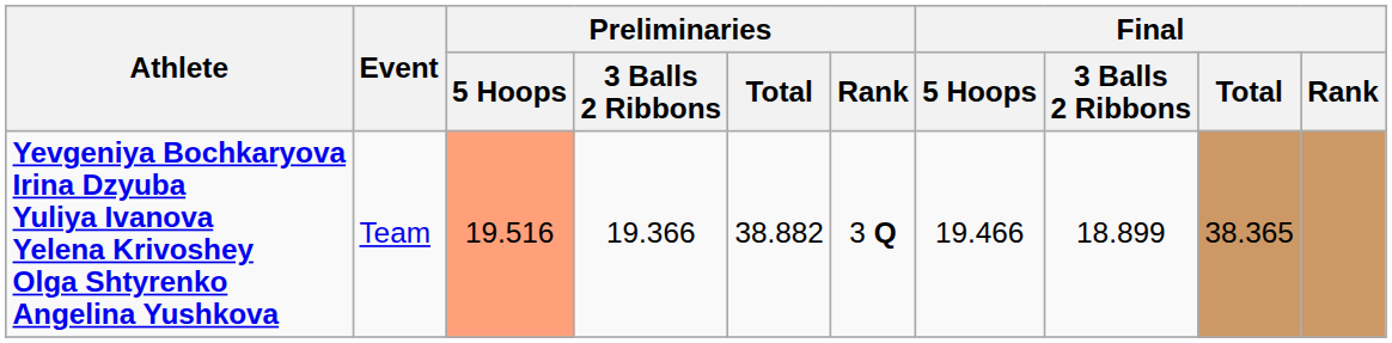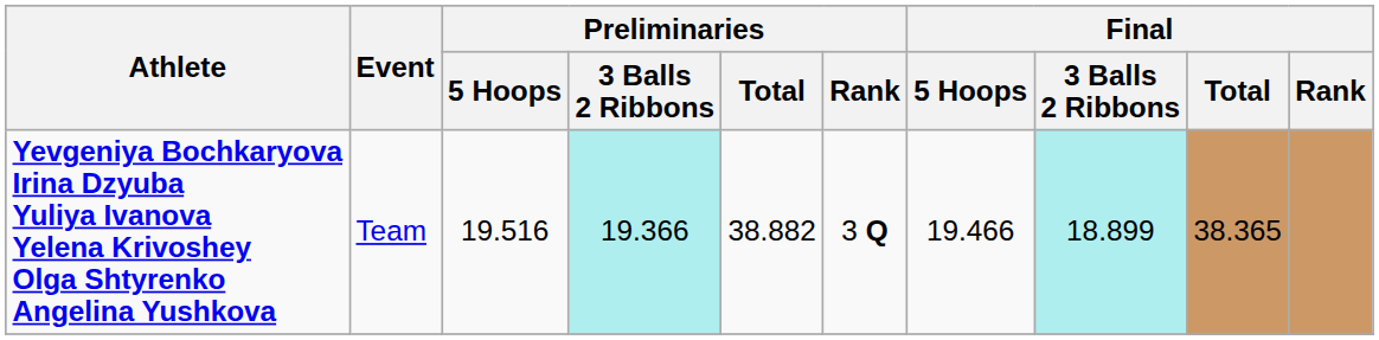 <table class="wikitable" style="font-size:90%">
 <tr>
 <th rowspan="2">Athlete</th>
 <th rowspan="2">Event</th>
 <th colspan="4">Preliminaries</th>
 <th colspan="4">Final</th>
 </tr>
 <tr>
 <th>5  Hoops</th>
 <th>3 Balls <br>2 Ribbons</th>
 <th>Total</th>
 <th>Rank</th>
 <th>5  Hoops</th>
 <th>3 Balls <br>2 Ribbons</th>
 <th>Total</th>
 <th>Rank</th>
 </tr>
 <tr>
 <td><strong><a href='#'>Yevgeniya Bochkaryova</a><br><a href='#'>Irina Dzyuba</a><br><a href='#'>Yuliya Ivanova</a><br><a href='#'>Yelena Krivoshey</a><br><a href='#'>Olga Shtyrenko</a><br><a href='#'>Angelina Yushkova</a></strong></td>
 <td><a href='#'>Team</a></td>
-<td align=center style="background: lightsalmon;">19.516</td>
-<td align=center>19.366</td>
+<td align=center>19.516</td>
+<td align=center style="background: paleturquoise;">19.366</td>
 <td align=center>38.882</td>
 <td align=center>3 <strong>Q</strong></td>
 <td align=center>19.466</td>
-<td align=center>18.899</td>
+<td align=center style="background: paleturquoise;">18.899</td>
 <td align=center bgcolor=cc9966>38.365</td>
 <td align=center bgcolor=cc9966></td>
 </tr>
 </table>
